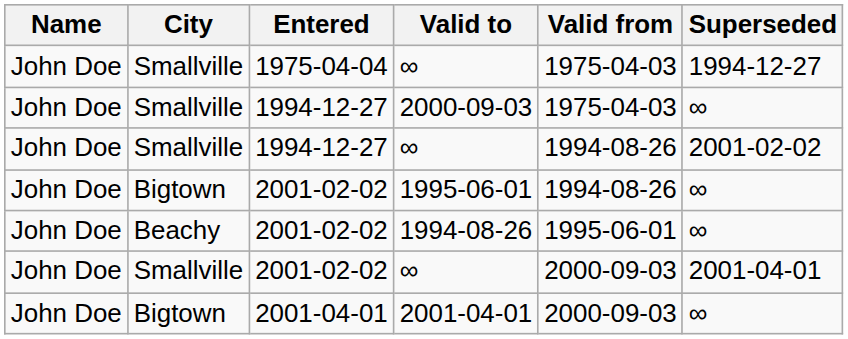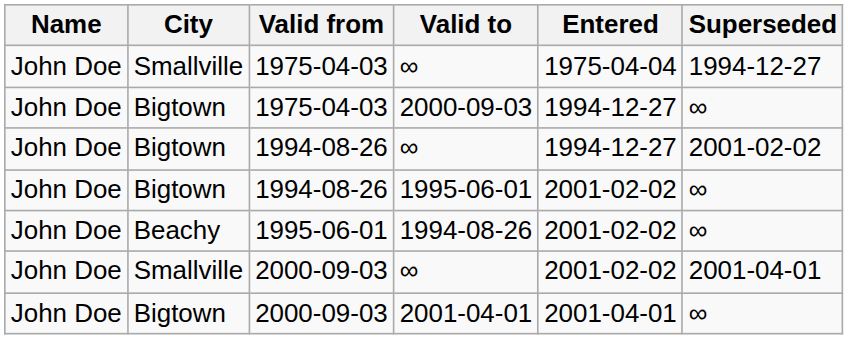 <table class="wikitable">
 <tr>
 <th>Name</th>
 <th>City</th>
+<th>Valid from</th>
+<th>Valid to</th>
 <th>Entered</th>
-<th>Valid to</th>
-<th>Valid from</th>
 <th>Superseded</th>
 </tr>
 <tr>
 <td>John Doe</td>
 <td>Smallville</td>
+<td>1975-04-03</td>
+<td>∞</td>
 <td>1975-04-04</td>
-<td>∞</td>
-<td>1975-04-03</td>
 <td>1994-12-27</td>
 </tr>
 <tr>
 <td>John Doe</td>
-<td>Smallville</td>
+<td>Bigtown</td>
+<td>1975-04-03</td>
+<td>2000-09-03</td>
 <td>1994-12-27</td>
-<td>2000-09-03</td>
-<td>1975-04-03</td>
+<td>∞</td>
+</tr>
+<tr>
+<td>John Doe</td>
+<td>Bigtown</td>
+<td>1994-08-26</td>
+<td>∞</td>
+<td>1994-12-27</td>
+<td>2001-02-02</td>
+</tr>
+<tr>
+<td>John Doe</td>
+<td>Bigtown</td>
+<td>1994-08-26</td>
+<td>1995-06-01</td>
+<td>2001-02-02</td>
+<td>∞</td>
+</tr>
+<tr>
+<td>John Doe</td>
+<td>Beachy</td>
+<td>1995-06-01</td>
+<td>1994-08-26</td>
+<td>2001-02-02</td>
 <td>∞</td>
 </tr>
 <tr>
 <td>John Doe</td>
 <td>Smallville</td>
-<td>1994-12-27</td>
+<td>2000-09-03</td>
 <td>∞</td>
-<td>1994-08-26</td>
 <td>2001-02-02</td>
-</tr>
-<tr>
-<td>John Doe</td>
-<td>Bigtown</td>
-<td>2001-02-02</td>
-<td>1995-06-01</td>
-<td>1994-08-26</td>
-<td>∞</td>
-</tr>
-<tr>
-<td>John Doe</td>
-<td>Beachy</td>
-<td>2001-02-02</td>
-<td>1994-08-26</td>
-<td>1995-06-01</td>
-<td>∞</td>
-</tr>
-<tr>
-<td>John Doe</td>
-<td>Smallville</td>
-<td>2001-02-02</td>
-<td>∞</td>
-<td>2000-09-03</td>
 <td>2001-04-01</td>
 </tr>
 <tr>
 <td>John Doe</td>
 <td>Bigtown</td>
+<td>2000-09-03</td>
 <td>2001-04-01</td>
 <td>2001-04-01</td>
-<td>2000-09-03</td>
 <td>∞</td>
 </tr>
 </table>
